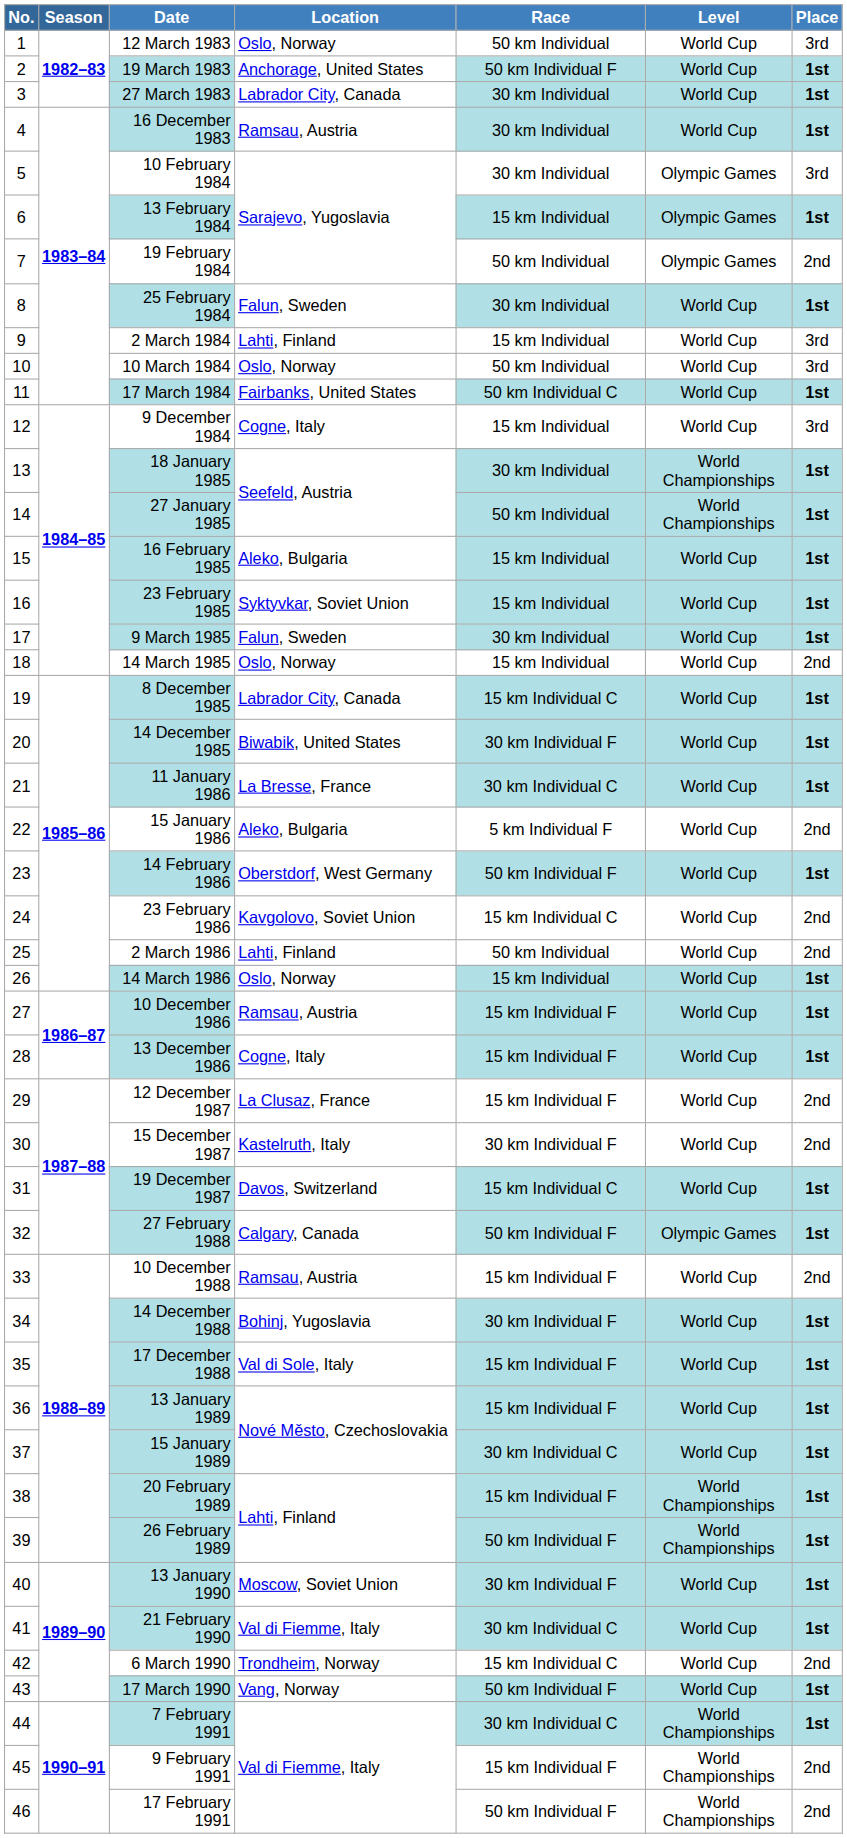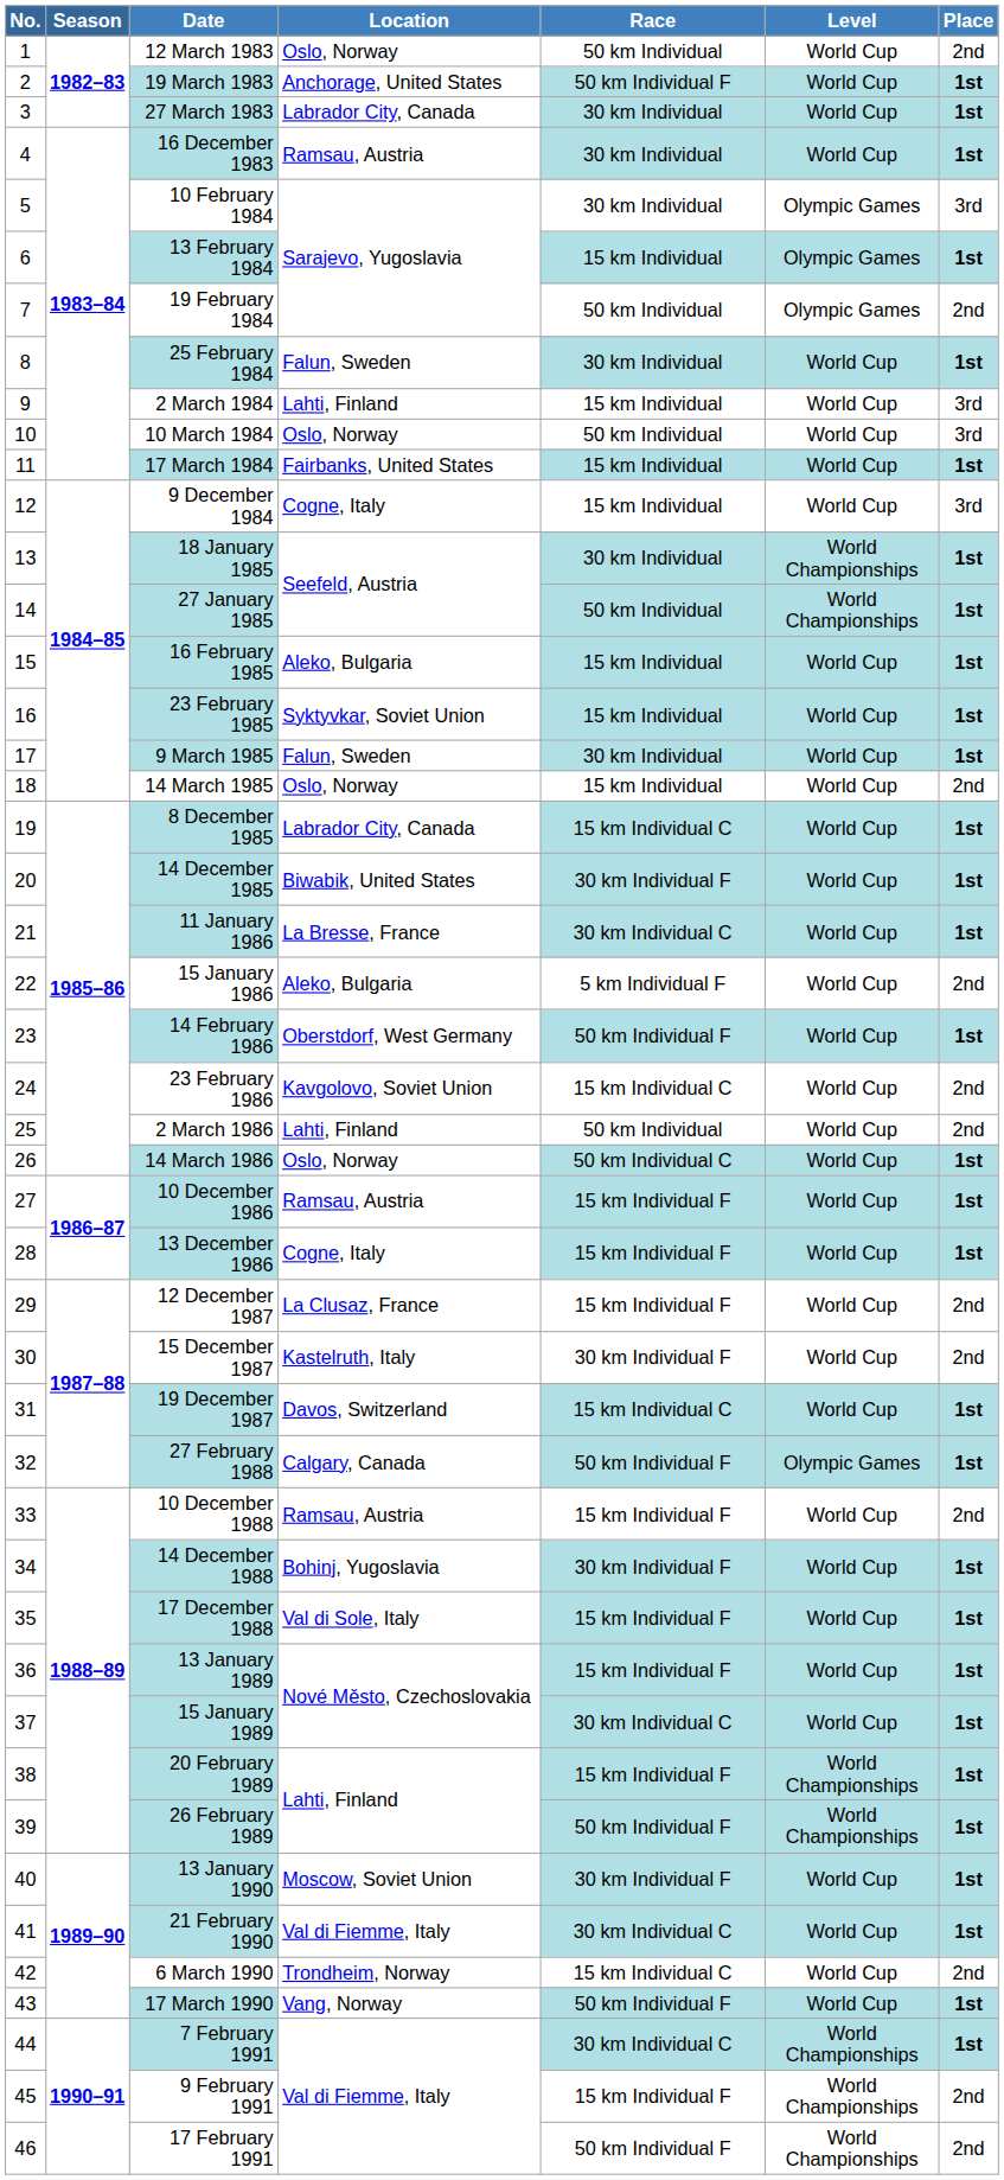 <table class="wikitable sortable" style="font-size:95%; text-align:center; border:grey solid 1px; border-collapse:collapse; background:#ffffff;">
 <tr style="background:#efefef;">
 <th style="background-color:#369; color:white;">No.</th>
 <th style="background-color:#369; color:white;">Season</th>
 <th style="background-color:#4180be; color:white; width:110px;">Date</th>
 <th style="background-color:#4180be; color:white; width:200px;">Location</th>
 <th style="background-color:#4180be; color:white; width:170px;">Race</th>
 <th style="background-color:#4180be; color:white; width:130px;">Level</th>
 <th style="background-color:#4180be; color:white;">Place</th>
 </tr>
 <tr>
 <td align=center>1</td>
 <td rowspan=3 align=center><strong><a href='#'>1982–83</a></strong></td>
 <td align=right>12 March 1983</td>
 <td align=left> <a href='#'>Oslo</a>, Norway</td>
 <td>50 km Individual</td>
 <td>World Cup</td>
-<td>3rd</td>
+<td>2nd</td>
 </tr>
 <tr>
 <td align=center>2</td>
 <td bgcolor="#BOEOE6" align=right>19 March 1983</td>
 <td align=left> <a href='#'>Anchorage</a>, United States</td>
 <td bgcolor="#BOEOE6">50 km Individual F</td>
 <td bgcolor="#BOEOE6">World Cup</td>
 <td bgcolor="#BOEOE6"><strong>1st</strong></td>
 </tr>
 <tr>
 <td align=center>3</td>
 <td bgcolor="#BOEOE6" align=right>27 March 1983</td>
 <td align=left> <a href='#'>Labrador City</a>, Canada</td>
 <td bgcolor="#BOEOE6">30 km Individual</td>
 <td bgcolor="#BOEOE6">World Cup</td>
 <td bgcolor="#BOEOE6"><strong>1st</strong></td>
 </tr>
 <tr>
 <td align=center>4</td>
 <td rowspan=8 align=center><strong><a href='#'>1983–84</a></strong></td>
 <td bgcolor="#BOEOE6" align=right>16 December 1983</td>
 <td align=left> <a href='#'>Ramsau</a>, Austria</td>
 <td bgcolor="#BOEOE6">30 km Individual</td>
 <td bgcolor="#BOEOE6">World Cup</td>
 <td bgcolor="#BOEOE6"><strong>1st</strong></td>
 </tr>
 <tr>
 <td align=center>5</td>
 <td align=right>10 February 1984</td>
 <td rowspan=3 align=left> <a href='#'>Sarajevo</a>, Yugoslavia</td>
 <td>30 km Individual</td>
 <td>Olympic Games</td>
 <td>3rd</td>
 </tr>
 <tr>
 <td align=center>6</td>
 <td bgcolor="#BOEOE6" align=right>13 February 1984</td>
 <td bgcolor="#BOEOE6">15 km Individual</td>
 <td bgcolor="#BOEOE6">Olympic Games</td>
 <td bgcolor="#BOEOE6"><strong>1st</strong></td>
 </tr>
 <tr>
 <td align=center>7</td>
 <td align=right>19 February 1984</td>
 <td>50 km Individual</td>
 <td>Olympic Games</td>
 <td>2nd</td>
 </tr>
 <tr>
 <td align=center>8</td>
 <td bgcolor="#BOEOE6" align=right>25 February 1984</td>
 <td align=left> <a href='#'>Falun</a>, Sweden</td>
 <td bgcolor="#BOEOE6">30 km Individual</td>
 <td bgcolor="#BOEOE6">World Cup</td>
 <td bgcolor="#BOEOE6"><strong>1st</strong></td>
 </tr>
 <tr>
 <td align=center>9</td>
 <td align=right>2 March 1984</td>
 <td align=left> <a href='#'>Lahti</a>, Finland</td>
 <td>15 km Individual</td>
 <td>World Cup</td>
 <td>3rd</td>
 </tr>
 <tr>
 <td align=center>10</td>
 <td align=right>10 March 1984</td>
 <td align=left> <a href='#'>Oslo</a>, Norway</td>
 <td>50 km Individual</td>
 <td>World Cup</td>
 <td>3rd</td>
 </tr>
 <tr>
 <td align=center>11</td>
 <td bgcolor="#BOEOE6" align=right>17 March 1984</td>
 <td align=left> <a href='#'>Fairbanks</a>, United States</td>
-<td bgcolor="#BOEOE6">50 km Individual C</td>
+<td bgcolor="#BOEOE6">15 km Individual</td>
 <td bgcolor="#BOEOE6">World Cup</td>
 <td bgcolor="#BOEOE6"><strong>1st</strong></td>
 </tr>
 <tr>
 <td align=center>12</td>
 <td rowspan=7 align=center><strong><a href='#'>1984–85</a></strong></td>
 <td align=right>9 December 1984</td>
 <td align=left> <a href='#'>Cogne</a>, Italy</td>
 <td>15 km Individual</td>
 <td>World Cup</td>
 <td>3rd</td>
 </tr>
 <tr>
 <td align=center>13</td>
 <td bgcolor="#BOEOE6" align=right>18 January 1985</td>
 <td rowspan=2 align=left> <a href='#'>Seefeld</a>, Austria</td>
 <td bgcolor="#BOEOE6">30 km Individual</td>
 <td bgcolor="#BOEOE6">World Championships</td>
 <td bgcolor="#BOEOE6"><strong>1st</strong></td>
 </tr>
 <tr>
 <td align=center>14</td>
 <td bgcolor="#BOEOE6" align=right>27 January 1985</td>
 <td bgcolor="#BOEOE6">50 km Individual</td>
 <td bgcolor="#BOEOE6">World Championships</td>
 <td bgcolor="#BOEOE6"><strong>1st</strong></td>
 </tr>
 <tr>
 <td align=center>15</td>
 <td bgcolor="#BOEOE6" align=right>16 February 1985</td>
 <td align=left> <a href='#'>Aleko</a>, Bulgaria</td>
 <td bgcolor="#BOEOE6">15 km Individual</td>
 <td bgcolor="#BOEOE6">World Cup</td>
 <td bgcolor="#BOEOE6"><strong>1st</strong></td>
 </tr>
 <tr>
 <td align=center>16</td>
 <td bgcolor="#BOEOE6" align=right>23 February 1985</td>
 <td align=left> <a href='#'>Syktyvkar</a>, Soviet Union</td>
 <td bgcolor="#BOEOE6">15 km Individual</td>
 <td bgcolor="#BOEOE6">World Cup</td>
 <td bgcolor="#BOEOE6"><strong>1st</strong></td>
 </tr>
 <tr>
 <td align=center>17</td>
 <td bgcolor="#BOEOE6" align=right>9 March 1985</td>
 <td align=left> <a href='#'>Falun</a>, Sweden</td>
 <td bgcolor="#BOEOE6">30 km Individual</td>
 <td bgcolor="#BOEOE6">World Cup</td>
 <td bgcolor="#BOEOE6"><strong>1st</strong></td>
 </tr>
 <tr>
 <td align=center>18</td>
 <td align=right>14 March 1985</td>
 <td align=left> <a href='#'>Oslo</a>, Norway</td>
 <td>15 km Individual</td>
 <td>World Cup</td>
 <td>2nd</td>
 </tr>
 <tr>
 <td align=center>19</td>
 <td rowspan=8 align=center><strong><a href='#'>1985–86</a></strong></td>
 <td bgcolor="#BOEOE6" align=right>8 December 1985</td>
 <td align=left> <a href='#'>Labrador City</a>, Canada</td>
 <td bgcolor="#BOEOE6">15 km Individual C</td>
 <td bgcolor="#BOEOE6">World Cup</td>
 <td bgcolor="#BOEOE6"><strong>1st</strong></td>
 </tr>
 <tr>
 <td align=center>20</td>
 <td bgcolor="#BOEOE6" align=right>14 December 1985</td>
 <td align=left> <a href='#'>Biwabik</a>, United States</td>
 <td bgcolor="#BOEOE6">30 km Individual F</td>
 <td bgcolor="#BOEOE6">World Cup</td>
 <td bgcolor="#BOEOE6"><strong>1st</strong></td>
 </tr>
 <tr>
 <td align=center>21</td>
 <td bgcolor="#BOEOE6" align=right>11 January 1986</td>
 <td align=left> <a href='#'>La Bresse</a>, France</td>
 <td bgcolor="#BOEOE6">30 km Individual C</td>
 <td bgcolor="#BOEOE6">World Cup</td>
 <td bgcolor="#BOEOE6"><strong>1st</strong></td>
 </tr>
 <tr>
 <td align=center>22</td>
 <td align=right>15 January 1986</td>
 <td align=left> <a href='#'>Aleko</a>, Bulgaria</td>
 <td>5 km Individual F</td>
 <td>World Cup</td>
 <td>2nd</td>
 </tr>
 <tr>
 <td align=center>23</td>
 <td bgcolor="#BOEOE6" align=right>14 February 1986</td>
 <td align=left> <a href='#'>Oberstdorf</a>, West Germany</td>
 <td bgcolor="#BOEOE6">50 km Individual F</td>
 <td bgcolor="#BOEOE6">World Cup</td>
 <td bgcolor="#BOEOE6"><strong>1st</strong></td>
 </tr>
 <tr>
 <td align=center>24</td>
 <td align=right>23 February 1986</td>
 <td align=left> <a href='#'>Kavgolovo</a>, Soviet Union</td>
 <td>15 km Individual C</td>
 <td>World Cup</td>
 <td>2nd</td>
 </tr>
 <tr>
 <td align=center>25</td>
 <td align=right>2 March 1986</td>
 <td align=left> <a href='#'>Lahti</a>, Finland</td>
 <td>50 km Individual</td>
 <td>World Cup</td>
 <td>2nd</td>
 </tr>
 <tr>
 <td align=center>26</td>
 <td bgcolor="#BOEOE6" align=right>14 March 1986</td>
 <td align=left> <a href='#'>Oslo</a>, Norway</td>
-<td bgcolor="#BOEOE6">15 km Individual</td>
+<td bgcolor="#BOEOE6">50 km Individual C</td>
 <td bgcolor="#BOEOE6">World Cup</td>
 <td bgcolor="#BOEOE6"><strong>1st</strong></td>
 </tr>
 <tr>
 <td align=center>27</td>
 <td rowspan=2 align=center><strong><a href='#'>1986–87</a></strong></td>
 <td bgcolor="#BOEOE6" align=right>10 December 1986</td>
 <td align=left> <a href='#'>Ramsau</a>, Austria</td>
 <td bgcolor="#BOEOE6">15 km Individual F</td>
 <td bgcolor="#BOEOE6">World Cup</td>
 <td bgcolor="#BOEOE6"><strong>1st</strong></td>
 </tr>
 <tr>
 <td align=center>28</td>
 <td bgcolor="#BOEOE6" align=right>13 December 1986</td>
 <td align=left> <a href='#'>Cogne</a>, Italy</td>
 <td bgcolor="#BOEOE6">15 km Individual F</td>
 <td bgcolor="#BOEOE6">World Cup</td>
 <td bgcolor="#BOEOE6"><strong>1st</strong></td>
 </tr>
 <tr>
 <td align=center>29</td>
 <td rowspan=4 align=center><strong><a href='#'>1987–88</a></strong></td>
 <td align=right>12 December 1987</td>
 <td align=left> <a href='#'>La Clusaz</a>, France</td>
 <td>15 km Individual F</td>
 <td>World Cup</td>
 <td>2nd</td>
 </tr>
 <tr>
 <td align=center>30</td>
 <td align=right>15 December 1987</td>
 <td align=left> <a href='#'>Kastelruth</a>, Italy</td>
 <td>30 km Individual F</td>
 <td>World Cup</td>
 <td>2nd</td>
 </tr>
 <tr>
 <td align=center>31</td>
 <td bgcolor="#BOEOE6" align=right>19 December 1987</td>
 <td align=left> <a href='#'>Davos</a>, Switzerland</td>
 <td bgcolor="#BOEOE6">15 km Individual C</td>
 <td bgcolor="#BOEOE6">World Cup</td>
 <td bgcolor="#BOEOE6"><strong>1st</strong></td>
 </tr>
 <tr>
 <td align=center>32</td>
 <td bgcolor="#BOEOE6" align=right>27 February 1988</td>
 <td align=left> <a href='#'>Calgary</a>, Canada</td>
 <td bgcolor="#BOEOE6">50 km Individual F</td>
 <td bgcolor="#BOEOE6">Olympic Games</td>
 <td bgcolor="#BOEOE6"><strong>1st</strong></td>
 </tr>
 <tr>
 <td align=center>33</td>
 <td rowspan=7 align=center><strong><a href='#'>1988–89</a></strong></td>
 <td align=right>10 December 1988</td>
 <td align=left> <a href='#'>Ramsau</a>, Austria</td>
 <td>15 km Individual F</td>
 <td>World Cup</td>
 <td>2nd</td>
 </tr>
 <tr>
 <td align=center>34</td>
 <td bgcolor="#BOEOE6" align=right>14 December 1988</td>
 <td align=left> <a href='#'>Bohinj</a>, Yugoslavia</td>
 <td bgcolor="#BOEOE6">30 km Individual F</td>
 <td bgcolor="#BOEOE6">World Cup</td>
 <td bgcolor="#BOEOE6"><strong>1st</strong></td>
 </tr>
 <tr>
 <td align=center>35</td>
 <td bgcolor="#BOEOE6" align=right>17 December 1988</td>
 <td align=left> <a href='#'>Val di Sole</a>, Italy</td>
 <td bgcolor="#BOEOE6">15 km Individual F</td>
 <td bgcolor="#BOEOE6">World Cup</td>
 <td bgcolor="#BOEOE6"><strong>1st</strong></td>
 </tr>
 <tr>
 <td align=center>36</td>
 <td bgcolor="#BOEOE6" align=right>13 January 1989</td>
 <td rowspan=2 align=left> <a href='#'>Nové Město</a>, Czechoslovakia</td>
 <td bgcolor="#BOEOE6">15 km Individual F</td>
 <td bgcolor="#BOEOE6">World Cup</td>
 <td bgcolor="#BOEOE6"><strong>1st</strong></td>
 </tr>
 <tr>
 <td align=center>37</td>
 <td bgcolor="#BOEOE6" align=right>15 January 1989</td>
 <td bgcolor="#BOEOE6">30 km Individual C</td>
 <td bgcolor="#BOEOE6">World Cup</td>
 <td bgcolor="#BOEOE6"><strong>1st</strong></td>
 </tr>
 <tr>
 <td align=center>38</td>
 <td bgcolor="#BOEOE6" align=right>20 February 1989</td>
 <td rowspan=2 align=left> <a href='#'>Lahti</a>, Finland</td>
 <td bgcolor="#BOEOE6">15 km Individual F</td>
 <td bgcolor="#BOEOE6">World Championships</td>
 <td bgcolor="#BOEOE6"><strong>1st</strong></td>
 </tr>
 <tr>
 <td align=center>39</td>
 <td bgcolor="#BOEOE6" align=right>26 February 1989</td>
 <td bgcolor="#BOEOE6">50 km Individual F</td>
 <td bgcolor="#BOEOE6">World Championships</td>
 <td bgcolor="#BOEOE6"><strong>1st</strong></td>
 </tr>
 <tr>
 <td align=center>40</td>
 <td rowspan=4 align=center><strong><a href='#'>1989–90</a></strong></td>
 <td bgcolor="#BOEOE6" align=right>13 January 1990</td>
 <td align=left> <a href='#'>Moscow</a>, Soviet Union</td>
 <td bgcolor="#BOEOE6">30 km Individual F</td>
 <td bgcolor="#BOEOE6">World Cup</td>
 <td bgcolor="#BOEOE6"><strong>1st</strong></td>
 </tr>
 <tr>
 <td align=center>41</td>
 <td bgcolor="#BOEOE6" align=right>21 February 1990</td>
 <td align=left> <a href='#'>Val di Fiemme</a>, Italy</td>
 <td bgcolor="#BOEOE6">30 km Individual C</td>
 <td bgcolor="#BOEOE6">World Cup</td>
 <td bgcolor="#BOEOE6"><strong>1st</strong></td>
 </tr>
 <tr>
 <td align=center>42</td>
 <td align=right>6 March 1990</td>
 <td align=left> <a href='#'>Trondheim</a>, Norway</td>
 <td>15 km Individual C</td>
 <td>World Cup</td>
 <td>2nd</td>
 </tr>
 <tr>
 <td align=center>43</td>
 <td bgcolor="#BOEOE6" align=right>17 March 1990</td>
 <td align=left> <a href='#'>Vang</a>, Norway</td>
 <td bgcolor="#BOEOE6">50 km Individual F</td>
 <td bgcolor="#BOEOE6">World Cup</td>
 <td bgcolor="#BOEOE6"><strong>1st</strong></td>
 </tr>
 <tr>
 <td align=center>44</td>
 <td rowspan=3 align=center><strong><a href='#'>1990–91</a></strong></td>
 <td bgcolor="#BOEOE6" align=right>7 February 1991</td>
 <td rowspan=3 align=left> <a href='#'>Val di Fiemme</a>, Italy</td>
 <td bgcolor="#BOEOE6">30 km Individual C</td>
 <td bgcolor="#BOEOE6">World Championships</td>
 <td bgcolor="#BOEOE6"><strong>1st</strong></td>
 </tr>
 <tr>
 <td align=center>45</td>
 <td align=right>9 February 1991</td>
 <td>15 km Individual F</td>
 <td>World Championships</td>
 <td>2nd</td>
 </tr>
 <tr>
 <td align=center>46</td>
 <td align=right>17 February 1991</td>
 <td>50 km Individual F</td>
 <td>World Championships</td>
 <td>2nd</td>
 </tr>
 </table>
